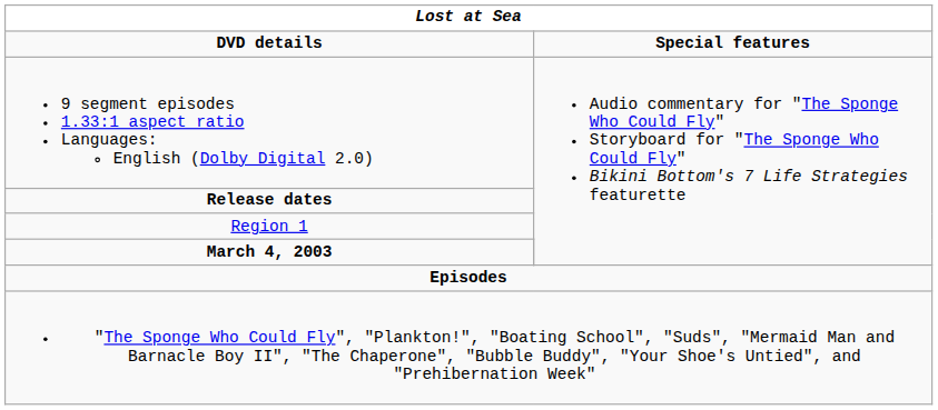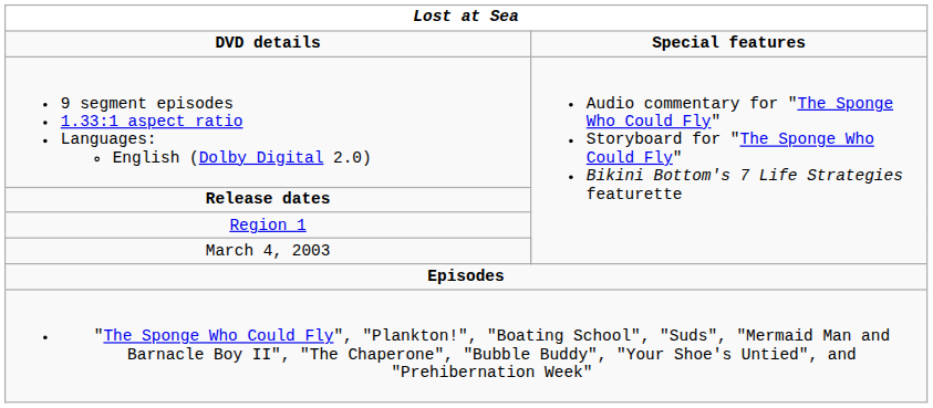 <table class="wikitable" style="font-size: 95%;">
 <tr style="background:#FFF; color:#000;">
 <td colspan="4" align="center"><strong><em>Lost at Sea</em></strong></td>
 </tr>
 <tr valign="top">
 <td style="text-align:center; width:400px;" colspan="3"><strong>DVD details</strong></td>
 <td style="width:300px; text-align:center;"><strong>Special features</strong></td>
 </tr>
 <tr valign="top">
 <td colspan="3" style="text-align:left; width:400px;"><br><ul><li>9 segment episodes</li><li><a href='#'>1.33:1 aspect ratio</a></li><li>Languages:<ul><li>English (<a href='#'>Dolby Digital</a> 2.0)</li></ul></li></ul></td>
 <td rowspan="4" style="text-align:left; width:300px;"><br><ul><li>Audio commentary for "<a href='#'>The Sponge Who Could Fly</a>"</li><li>Storyboard for "<a href='#'>The Sponge Who Could Fly</a>"</li><li><em>Bikini Bottom's 7 Life Strategies</em> featurette</li></ul></td>
 </tr>
 <tr>
 <td colspan="3" style="text-align:center;"><strong>Release dates</strong></td>
 </tr>
 <tr>
 <td colspan="3" style="text-align:center;"><a href='#'>Region 1</a></td>
 </tr>
 <tr style="text-align:center;">
-<td><strong>March 4, 2003</strong></td>
+<td>March 4, 2003</td>
 </tr>
 <tr>
 <td style="text-align:center; width:400px;" colspan="4"><strong>Episodes</strong></td>
 </tr>
 <tr>
 <td style="text-align:center; width:400px;" colspan="4"><br><ul><li>"<a href='#'>The Sponge Who Could Fly</a>", "Plankton!", "Boating School", "Suds", "Mermaid Man and Barnacle Boy II", "The Chaperone", "Bubble Buddy", "Your Shoe's Untied", and "Prehibernation Week"</li></ul></td>
 </tr>
 </table>
